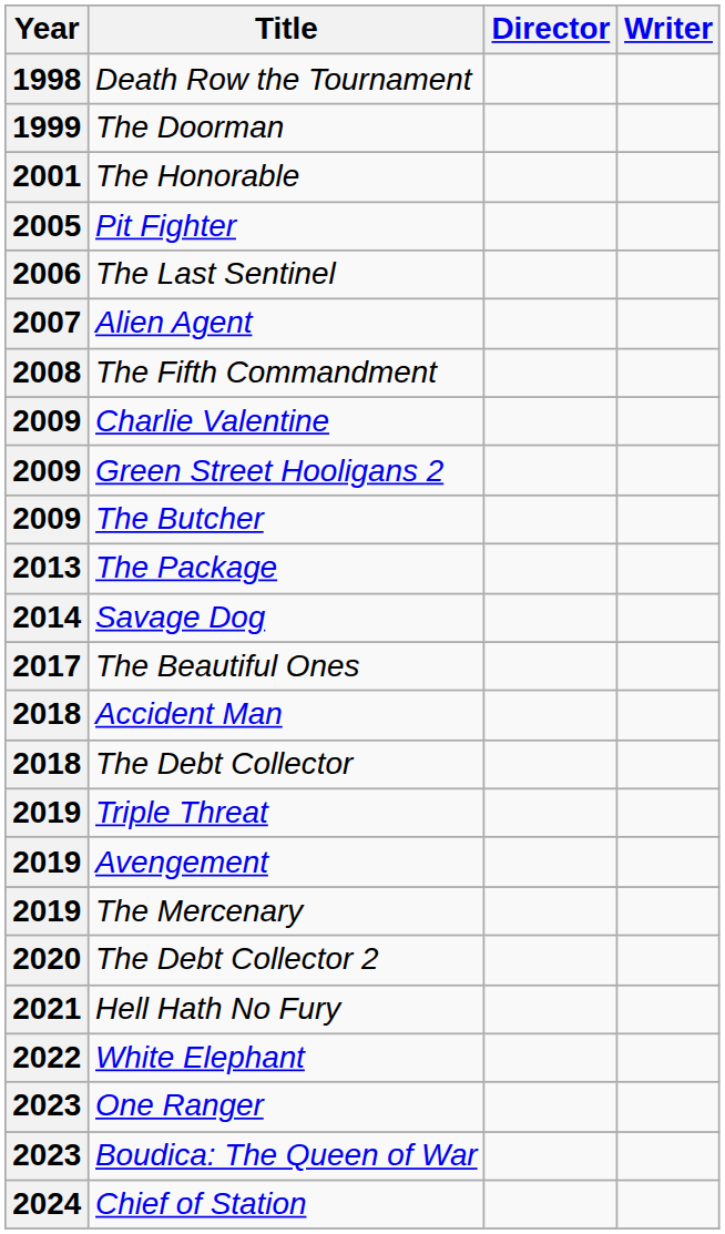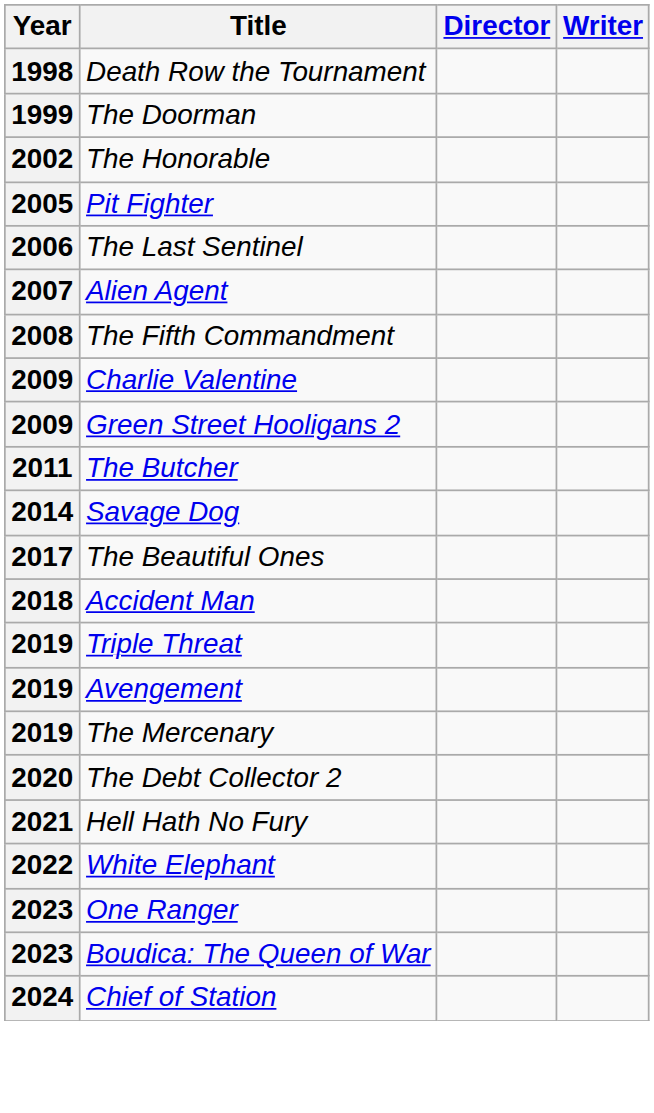 <table class="wikitable">
 <tr>
 <th>Year</th>
 <th>Title</th>
 <th><a href='#'>Director</a></th>
 <th><a href='#'>Writer</a></th>
 </tr>
 <tr>
 <th>1998</th>
 <td><em>Death Row the Tournament</em></td>
 <td></td>
 <td></td>
 </tr>
 <tr>
 <th>1999</th>
 <td><em>The Doorman</em></td>
 <td></td>
 <td></td>
 </tr>
 <tr>
-<th>2001</th>
+<th>2002</th>
 <td><em>The Honorable</em></td>
 <td></td>
 <td></td>
 </tr>
 <tr>
 <th>2005</th>
 <td><em><a href='#'>Pit Fighter</a></em></td>
 <td></td>
 <td></td>
 </tr>
 <tr>
 <th>2006</th>
 <td><em>The Last Sentinel</em></td>
 <td></td>
 <td></td>
 </tr>
 <tr>
 <th>2007</th>
 <td><em><a href='#'>Alien Agent</a></em></td>
 <td></td>
 <td></td>
 </tr>
 <tr>
 <th>2008</th>
 <td><em>The Fifth Commandment</em></td>
 <td></td>
 <td></td>
 </tr>
 <tr>
 <th>2009</th>
 <td><em><a href='#'>Charlie Valentine</a></em></td>
 <td></td>
 <td></td>
 </tr>
 <tr>
 <th>2009</th>
 <td><em><a href='#'>Green Street Hooligans 2</a></em></td>
 <td></td>
 <td></td>
 </tr>
 <tr>
-<th>2009</th>
+<th>2011</th>
 <td><em><a href='#'>The Butcher</a></em></td>
-<td></td>
-<td></td>
-</tr>
-<tr>
-<th>2013</th>
-<td><em><a href='#'>The Package</a></em></td>
 <td></td>
 <td></td>
 </tr>
 <tr>
 <th>2014</th>
 <td><em><a href='#'>Savage Dog</a></em></td>
 <td></td>
 <td></td>
 </tr>
 <tr>
 <th>2017</th>
 <td><em>The Beautiful Ones</em></td>
 <td></td>
 <td></td>
 </tr>
 <tr>
 <th>2018</th>
 <td><em><a href='#'>Accident Man</a></em></td>
-<td></td>
-<td></td>
-</tr>
-<tr>
-<th>2018</th>
-<td><em>The Debt Collector</em></td>
 <td></td>
 <td></td>
 </tr>
 <tr>
 <th>2019</th>
 <td><em><a href='#'>Triple Threat</a></em></td>
 <td></td>
 <td></td>
 </tr>
 <tr>
 <th>2019</th>
 <td><em><a href='#'>Avengement</a></em></td>
 <td></td>
 <td></td>
 </tr>
 <tr>
 <th>2019</th>
 <td><em>The Mercenary</em></td>
 <td></td>
 <td></td>
 </tr>
 <tr>
 <th>2020</th>
 <td><em>The Debt Collector 2</em></td>
 <td></td>
 <td></td>
 </tr>
 <tr>
 <th>2021</th>
 <td><em>Hell Hath No Fury</em></td>
 <td></td>
 <td></td>
 </tr>
 <tr>
 <th>2022</th>
 <td><em><a href='#'>White Elephant</a></em></td>
 <td></td>
 <td></td>
 </tr>
 <tr>
 <th>2023</th>
 <td><em><a href='#'>One Ranger</a></em></td>
 <td></td>
 <td></td>
 </tr>
 <tr>
 <th>2023</th>
 <td><em><a href='#'>Boudica: The Queen of War</a></em></td>
 <td></td>
 <td></td>
 </tr>
 <tr>
 <th>2024</th>
 <td><em><a href='#'>Chief of Station</a></em></td>
 <td></td>
 <td></td>
 </tr>
 </table>
